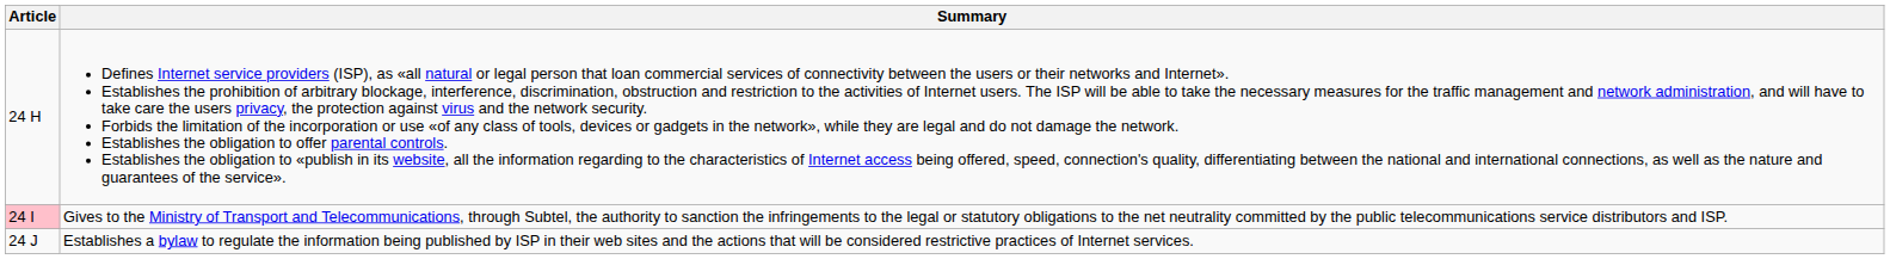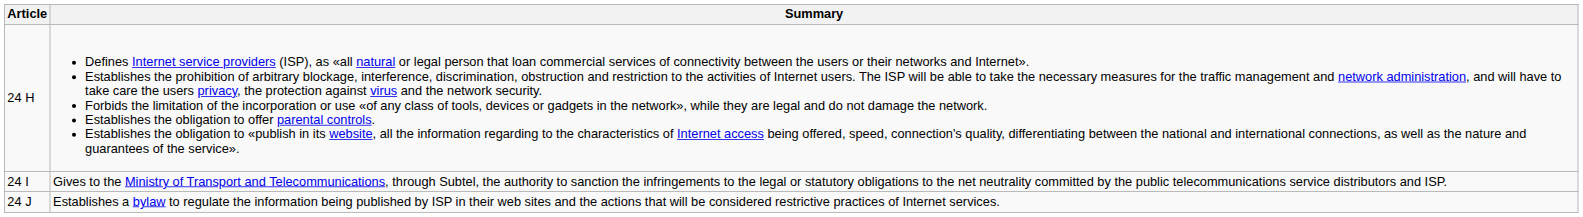 <table class="wikitable">
 <tr>
 <th>Article</th>
 <th>Summary</th>
 </tr>
 <tr>
 <td>24 H</td>
 <td><br><ul><li>Defines <a href='#'>Internet service providers</a> (ISP), as «all <a href='#'>natural</a> or legal person that loan commercial services of connectivity between the users or their networks and Internet».</li><li>Establishes  the prohibition of arbitrary blockage, interference, discrimination, obstruction and restriction to the activities of Internet users. The ISP will be able to take the necessary measures for the traffic management and <a href='#'>network administration</a>, and will have to take care the users <a href='#'>privacy</a>, the protection against <a href='#'>virus</a> and the network security.</li><li>Forbids  the limitation of the incorporation or use «of any class of tools, devices or gadgets in the network», while they are legal and do not damage the network.</li><li>Establishes  the obligation to offer <a href='#'>parental controls</a>.</li><li>Establishes  the obligation to «publish in its <a href='#'>website</a>, all the information regarding to the characteristics of <a href='#'>Internet access</a> being offered, speed, connection's quality, differentiating between the national and international connections, as well as the nature and guarantees of the service».</li></ul></td>
 </tr>
 <tr>
-<td style="background: pink;">24 I</td>
+<td>24 I</td>
 <td>Gives to the <a href='#'>Ministry of Transport and Telecommunications</a>, through Subtel, the authority to sanction the infringements to the legal or statutory obligations to the net neutrality committed by the public telecommunications service distributors and ISP.</td>
 </tr>
 <tr>
 <td>24 J</td>
 <td>Establishes a <a href='#'>bylaw</a> to regulate the information being published by ISP in their web sites and the actions that will be considered restrictive practices of Internet services.</td>
 </tr>
 </table>
